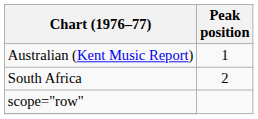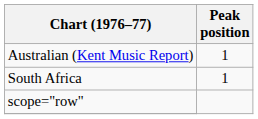 <table class="wikitable sortable">
 <tr>
 <th>Chart (1976–77)</th>
 <th>Peak<br>position</th>
 </tr>
 <tr>
 <td scope="row">Australian (<a href='#'>Kent Music Report</a>)</td>
 <td style="text-align:center;">1</td>
 </tr>
 <tr>
 <td>South Africa </td>
-<td style="text-align:center;">2</td>
+<td style="text-align:center;">1</td>
 </tr>
 <tr>
 <td>scope="row" </td>
 </tr>
 <tr>
 </tr>
 </table>
